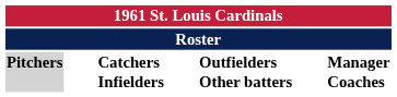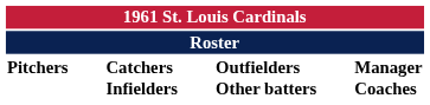 <table class="toccolours" style="font-size: 95%;">
 <tr>
 <th colspan="10" style="background-color: #c41e3a; color: white; text-align: center;">1961 St. Louis Cardinals</th>
 </tr>
 <tr>
 <td colspan="10" style="background-color: #0a2252; color: white; text-align: center;"><strong>Roster</strong></td>
 </tr>
 <tr>
-<td valign="top" style="background: lightgrey;"><strong>Pitchers</strong><br>            </td>
+<td valign="top"><strong>Pitchers</strong><br>            </td>
 <td width="25px"></td>
 <td valign="top"><strong>Catchers</strong><br>      <strong>Infielders</strong>         </td>
 <td width="25px"></td>
 <td valign="top"><strong>Outfielders</strong><br>           <strong>Other batters</strong> </td>
 <td width="25px"></td>
 <td valign="top"><strong>Manager</strong><br>  <strong>Coaches</strong>     </td>
 </tr>
 </table>
